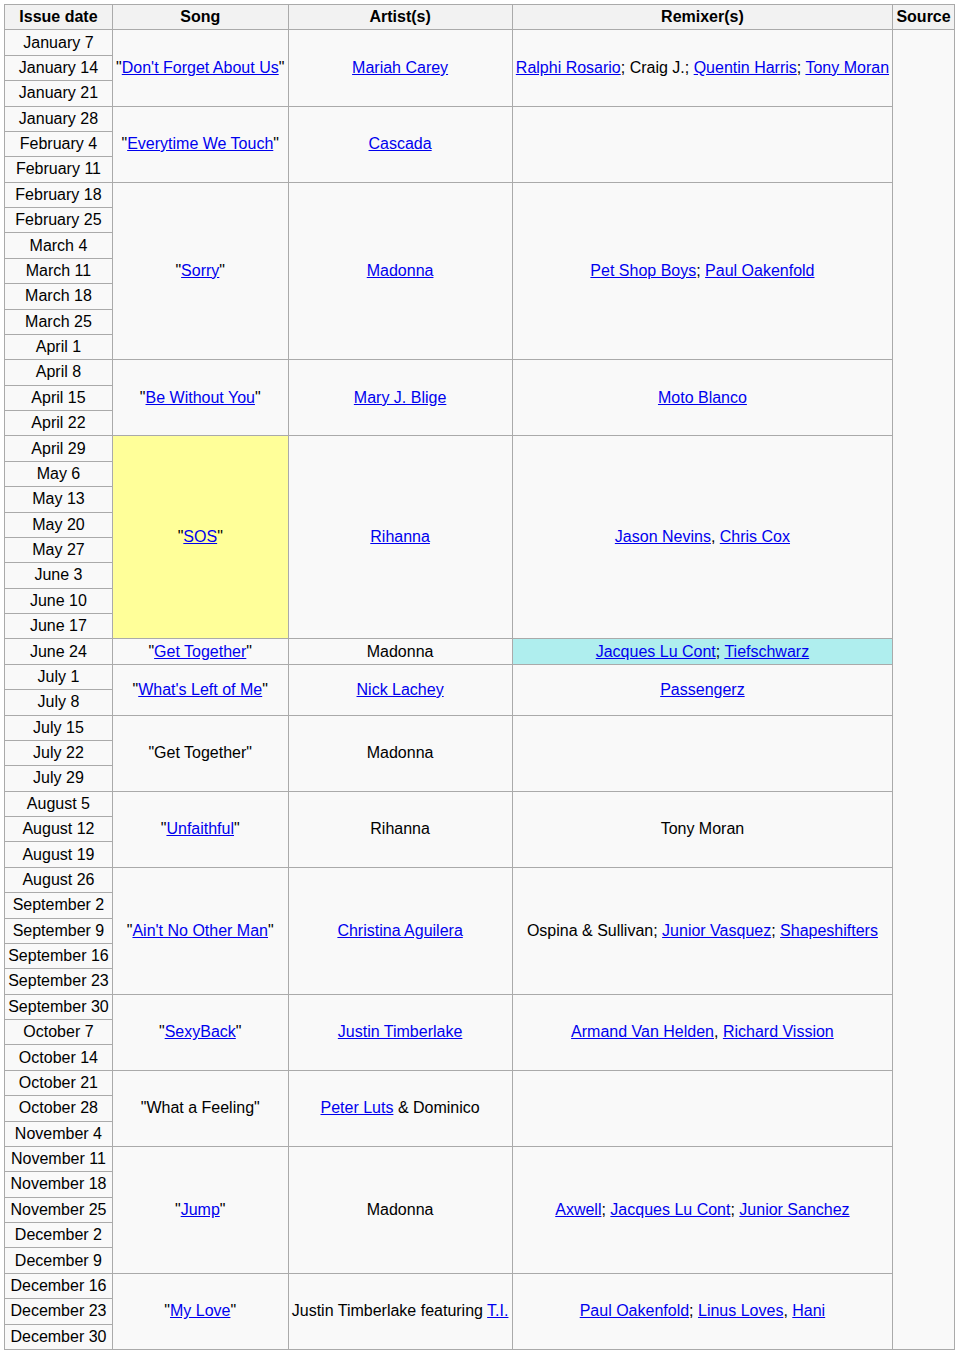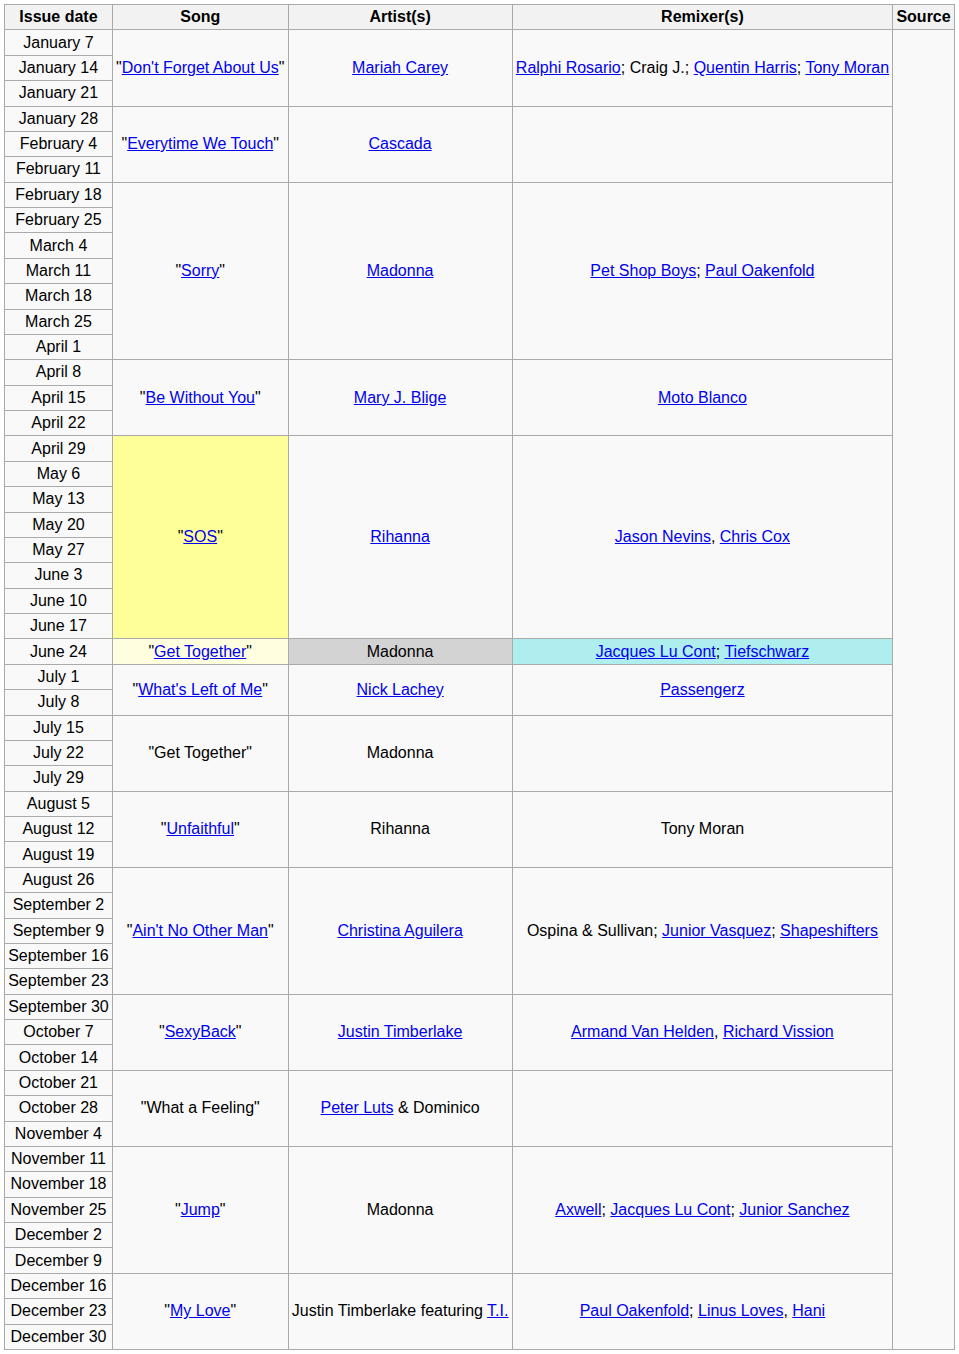 <table class="wikitable" style="text-align: center;">
 <tr>
 <th>Issue date</th>
 <th>Song</th>
 <th>Artist(s)</th>
 <th>Remixer(s)</th>
 <th>Source</th>
 </tr>
 <tr>
 <td>January 7</td>
 <td rowspan="3">"<a href='#'>Don't Forget About Us</a>"</td>
 <td rowspan="3"><a href='#'>Mariah Carey</a></td>
 <td rowspan="3"><a href='#'>Ralphi Rosario</a>; Craig J.; <a href='#'>Quentin Harris</a>; <a href='#'>Tony Moran</a></td>
 <td rowspan="52"></td>
 </tr>
 <tr>
 <td>January 14</td>
 </tr>
 <tr>
 <td>January 21</td>
 </tr>
 <tr>
 <td>January 28</td>
 <td rowspan="3">"<a href='#'>Everytime We Touch</a>"</td>
 <td rowspan="3"><a href='#'>Cascada</a></td>
 <td rowspan="3"></td>
 </tr>
 <tr>
 <td>February 4</td>
 </tr>
 <tr>
 <td>February 11</td>
 </tr>
 <tr>
 <td>February 18</td>
 <td rowspan="7">"<a href='#'>Sorry</a>"</td>
 <td rowspan="7"><a href='#'>Madonna</a></td>
 <td rowspan="7"><a href='#'>Pet Shop Boys</a>; <a href='#'>Paul Oakenfold</a></td>
 </tr>
 <tr>
 <td>February 25</td>
 </tr>
 <tr>
 <td>March 4</td>
 </tr>
 <tr>
 <td>March 11</td>
 </tr>
 <tr>
 <td>March 18</td>
 </tr>
 <tr>
 <td>March 25</td>
 </tr>
 <tr>
 <td>April 1</td>
 </tr>
 <tr>
 <td>April 8</td>
 <td rowspan="3">"<a href='#'>Be Without You</a>"</td>
 <td rowspan="3"><a href='#'>Mary J. Blige</a></td>
 <td rowspan="3"><a href='#'>Moto Blanco</a></td>
 </tr>
 <tr>
 <td>April 15</td>
 </tr>
 <tr>
 <td>April 22</td>
 </tr>
 <tr>
 <td>April 29</td>
 <td bgcolor=#FFFF99 rowspan="8">"<a href='#'>SOS</a>"</td>
 <td rowspan="8"><a href='#'>Rihanna</a></td>
 <td rowspan="8"><a href='#'>Jason Nevins</a>, <a href='#'>Chris Cox</a></td>
 </tr>
 <tr>
 <td>May 6</td>
 </tr>
 <tr>
 <td>May 13</td>
 </tr>
 <tr>
 <td>May 20</td>
 </tr>
 <tr>
 <td>May 27</td>
 </tr>
 <tr>
 <td>June 3</td>
 </tr>
 <tr>
 <td>June 10</td>
 </tr>
 <tr>
 <td>June 17</td>
 </tr>
 <tr>
 <td>June 24</td>
-<td>"<a href='#'>Get Together</a>"</td>
-<td>Madonna</td>
+<td style="background: lightyellow;">"<a href='#'>Get Together</a>"</td>
+<td style="background: lightgrey;">Madonna</td>
 <td style="background: paleturquoise;"><a href='#'>Jacques Lu Cont</a>; <a href='#'>Tiefschwarz</a></td>
 </tr>
 <tr>
 <td>July 1</td>
 <td rowspan="2">"<a href='#'>What's Left of Me</a>"</td>
 <td rowspan="2"><a href='#'>Nick Lachey</a></td>
 <td rowspan="2"><a href='#'>Passengerz</a></td>
 </tr>
 <tr>
 <td>July 8</td>
 </tr>
 <tr>
 <td>July 15</td>
 <td rowspan="3">"Get Together"</td>
 <td rowspan="3">Madonna</td>
 <td rowspan="3"></td>
 </tr>
 <tr>
 <td>July 22</td>
 </tr>
 <tr>
 <td>July 29</td>
 </tr>
 <tr>
 <td>August 5</td>
 <td rowspan="3">"<a href='#'>Unfaithful</a>"</td>
 <td rowspan="3">Rihanna</td>
 <td rowspan="3">Tony Moran</td>
 </tr>
 <tr>
 <td>August 12</td>
 </tr>
 <tr>
 <td>August 19</td>
 </tr>
 <tr>
 <td>August 26</td>
 <td rowspan="5">"<a href='#'>Ain't No Other Man</a>"</td>
 <td rowspan="5"><a href='#'>Christina Aguilera</a></td>
 <td rowspan="5">Ospina & Sullivan; <a href='#'>Junior Vasquez</a>; <a href='#'>Shapeshifters</a></td>
 </tr>
 <tr>
 <td>September 2</td>
 </tr>
 <tr>
 <td>September 9</td>
 </tr>
 <tr>
 <td>September 16</td>
 </tr>
 <tr>
 <td>September 23</td>
 </tr>
 <tr>
 <td>September 30</td>
 <td rowspan="3">"<a href='#'>SexyBack</a>"</td>
 <td rowspan="3"><a href='#'>Justin Timberlake</a></td>
 <td rowspan="3"><a href='#'>Armand Van Helden</a>, <a href='#'>Richard Vission</a></td>
 </tr>
 <tr>
 <td>October 7</td>
 </tr>
 <tr>
 <td>October 14</td>
 </tr>
 <tr>
 <td>October 21</td>
 <td rowspan="3">"What a Feeling"</td>
 <td rowspan="3"><a href='#'>Peter Luts</a> & Dominico</td>
 <td rowspan="3"></td>
 </tr>
 <tr>
 <td>October 28</td>
 </tr>
 <tr>
 <td>November 4</td>
 </tr>
 <tr>
 <td>November 11</td>
 <td rowspan="5">"<a href='#'>Jump</a>"</td>
 <td rowspan="5">Madonna</td>
 <td rowspan="5"><a href='#'>Axwell</a>; <a href='#'>Jacques Lu Cont</a>; <a href='#'>Junior Sanchez</a></td>
 </tr>
 <tr>
 <td>November 18</td>
 </tr>
 <tr>
 <td>November 25</td>
 </tr>
 <tr>
 <td>December 2</td>
 </tr>
 <tr>
 <td>December 9</td>
 </tr>
 <tr>
 <td>December 16</td>
 <td rowspan="3">"<a href='#'>My Love</a>"</td>
 <td rowspan="3">Justin Timberlake featuring <a href='#'>T.I.</a></td>
 <td rowspan="3"><a href='#'>Paul Oakenfold</a>; <a href='#'>Linus Loves</a>, <a href='#'>Hani</a></td>
 </tr>
 <tr>
 <td>December 23</td>
 </tr>
 <tr>
 <td>December 30</td>
 </tr>
 <tr>
 </tr>
 </table>
